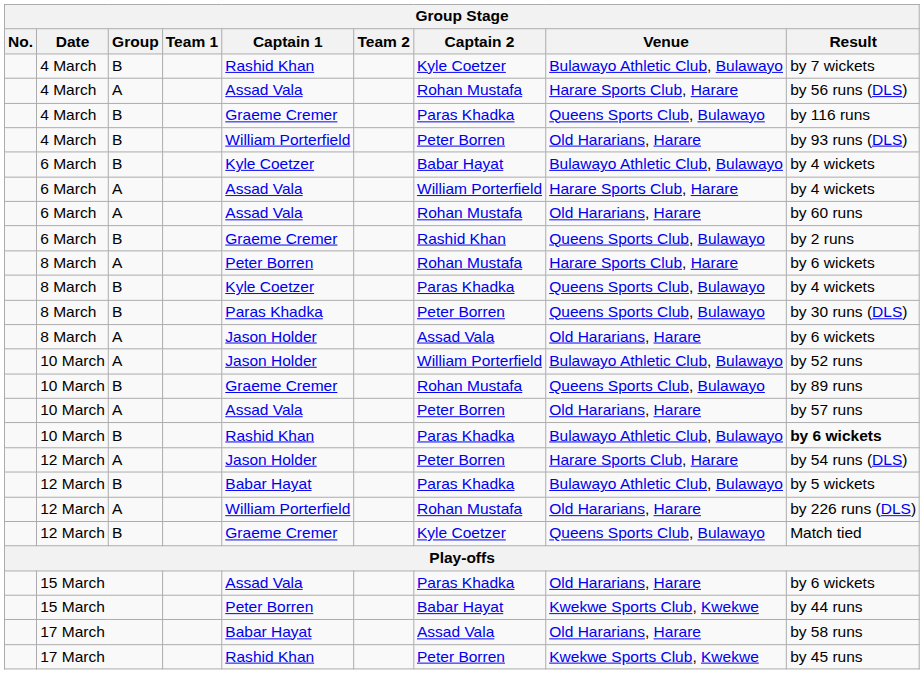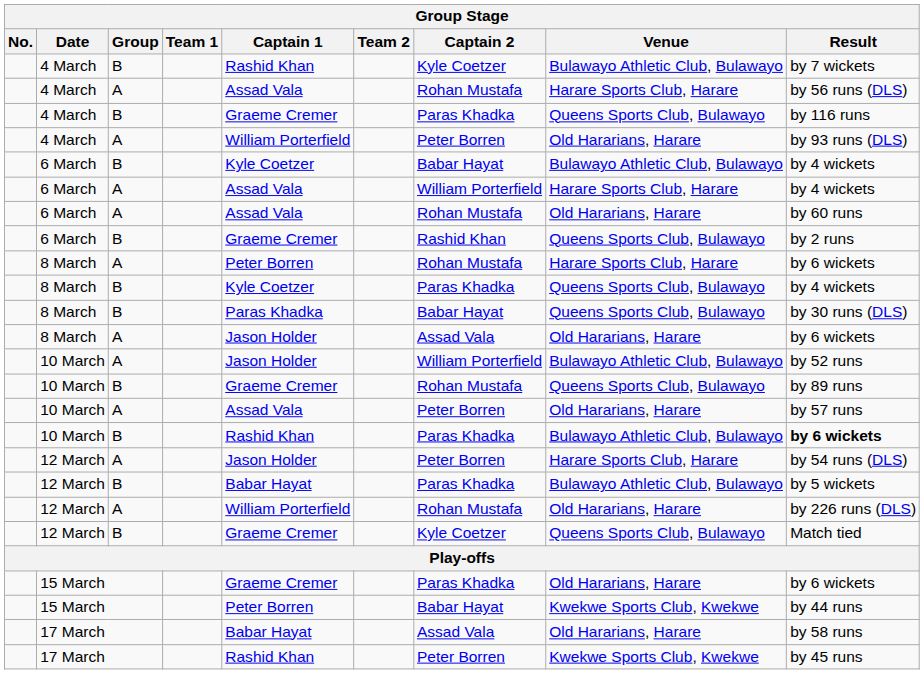 <table class="wikitable">
 <tr>
 <th colspan="9">Group Stage</th>
 </tr>
 <tr>
 <th>No.</th>
 <th>Date</th>
 <th>Group</th>
 <th>Team 1</th>
 <th>Captain 1</th>
 <th>Team 2</th>
 <th>Captain 2</th>
 <th>Venue</th>
 <th>Result</th>
 </tr>
 <tr>
 <td></td>
 <td>4 March</td>
 <td>B</td>
 <td></td>
 <td><a href='#'>Rashid Khan</a></td>
 <td></td>
 <td><a href='#'>Kyle Coetzer</a></td>
 <td><a href='#'>Bulawayo Athletic Club</a>, <a href='#'>Bulawayo</a></td>
 <td> by 7 wickets</td>
 </tr>
 <tr>
 <td></td>
 <td>4 March</td>
 <td>A</td>
 <td></td>
 <td><a href='#'>Assad Vala</a></td>
 <td></td>
 <td><a href='#'>Rohan Mustafa</a></td>
 <td><a href='#'>Harare Sports Club</a>, <a href='#'>Harare</a></td>
 <td> by 56 runs (<a href='#'>DLS</a>)</td>
 </tr>
 <tr>
 <td></td>
 <td>4 March</td>
 <td>B</td>
 <td></td>
 <td><a href='#'>Graeme Cremer</a></td>
 <td></td>
 <td><a href='#'>Paras Khadka</a></td>
 <td><a href='#'>Queens Sports Club</a>, <a href='#'>Bulawayo</a></td>
 <td> by 116 runs</td>
 </tr>
 <tr>
 <td></td>
 <td>4 March</td>
-<td>B</td>
+<td>A</td>
 <td></td>
 <td><a href='#'>William Porterfield</a></td>
 <td></td>
 <td><a href='#'>Peter Borren</a></td>
 <td><a href='#'>Old Hararians</a>, <a href='#'>Harare</a></td>
 <td> by 93 runs (<a href='#'>DLS</a>)</td>
 </tr>
 <tr>
 <td></td>
 <td>6 March</td>
 <td>B</td>
 <td></td>
 <td><a href='#'>Kyle Coetzer</a></td>
 <td></td>
 <td><a href='#'>Babar Hayat</a></td>
 <td><a href='#'>Bulawayo Athletic Club</a>, <a href='#'>Bulawayo</a></td>
 <td> by 4 wickets</td>
 </tr>
 <tr>
 <td></td>
 <td>6 March</td>
 <td>A</td>
 <td></td>
 <td><a href='#'>Assad Vala</a></td>
 <td></td>
 <td><a href='#'>William Porterfield</a></td>
 <td><a href='#'>Harare Sports Club</a>, <a href='#'>Harare</a></td>
 <td> by 4 wickets</td>
 </tr>
 <tr>
 <td></td>
 <td>6 March</td>
 <td>A</td>
 <td></td>
 <td><a href='#'>Assad Vala</a></td>
 <td></td>
 <td><a href='#'>Rohan Mustafa</a></td>
 <td><a href='#'>Old Hararians</a>, <a href='#'>Harare</a></td>
 <td> by 60 runs</td>
 </tr>
 <tr>
 <td></td>
 <td>6 March</td>
 <td>B</td>
 <td></td>
 <td><a href='#'>Graeme Cremer</a></td>
 <td></td>
 <td><a href='#'>Rashid Khan</a></td>
 <td><a href='#'>Queens Sports Club</a>, <a href='#'>Bulawayo</a></td>
 <td> by 2 runs</td>
 </tr>
 <tr>
 <td></td>
 <td>8 March</td>
 <td>A</td>
 <td></td>
 <td><a href='#'>Peter Borren</a></td>
 <td></td>
 <td><a href='#'>Rohan Mustafa</a></td>
 <td><a href='#'>Harare Sports Club</a>, <a href='#'>Harare</a></td>
 <td> by 6 wickets</td>
 </tr>
 <tr>
 <td></td>
 <td>8 March</td>
 <td>B</td>
 <td></td>
 <td><a href='#'>Kyle Coetzer</a></td>
 <td></td>
 <td><a href='#'>Paras Khadka</a></td>
 <td><a href='#'>Queens Sports Club</a>, <a href='#'>Bulawayo</a></td>
 <td> by 4 wickets</td>
 </tr>
 <tr>
 <td></td>
 <td>8 March</td>
 <td>B</td>
 <td></td>
 <td><a href='#'>Paras Khadka</a></td>
 <td></td>
-<td><a href='#'>Peter Borren</a></td>
+<td><a href='#'>Babar Hayat</a></td>
 <td><a href='#'>Queens Sports Club</a>, <a href='#'>Bulawayo</a></td>
 <td> by 30 runs (<a href='#'>DLS</a>)</td>
 </tr>
 <tr>
 <td></td>
 <td>8 March</td>
 <td>A</td>
 <td></td>
 <td><a href='#'>Jason Holder</a></td>
 <td></td>
 <td><a href='#'>Assad Vala</a></td>
 <td><a href='#'>Old Hararians</a>, <a href='#'>Harare</a></td>
 <td> by 6 wickets</td>
 </tr>
 <tr>
 <td></td>
 <td>10 March</td>
 <td>A</td>
 <td></td>
 <td><a href='#'>Jason Holder</a></td>
 <td></td>
 <td><a href='#'>William Porterfield</a></td>
 <td><a href='#'>Bulawayo Athletic Club</a>, <a href='#'>Bulawayo</a></td>
 <td> by 52 runs</td>
 </tr>
 <tr>
 <td></td>
 <td>10 March</td>
 <td>B</td>
 <td></td>
 <td><a href='#'>Graeme Cremer</a></td>
 <td></td>
 <td><a href='#'>Rohan Mustafa</a></td>
 <td><a href='#'>Queens Sports Club</a>, <a href='#'>Bulawayo</a></td>
 <td> by 89 runs</td>
 </tr>
 <tr>
 <td></td>
 <td>10 March</td>
 <td>A</td>
 <td></td>
 <td><a href='#'>Assad Vala</a></td>
 <td></td>
 <td><a href='#'>Peter Borren</a></td>
 <td><a href='#'>Old Hararians</a>, <a href='#'>Harare</a></td>
 <td> by 57 runs</td>
 </tr>
 <tr>
 <td></td>
 <td>10 March</td>
 <td>B</td>
 <td></td>
 <td><a href='#'>Rashid Khan</a></td>
 <td></td>
 <td><a href='#'>Paras Khadka</a></td>
 <td><a href='#'>Bulawayo Athletic Club</a>, <a href='#'>Bulawayo</a></td>
 <td><strong> by 6 wickets</strong></td>
 </tr>
 <tr>
 <td></td>
 <td>12 March</td>
 <td>A</td>
 <td></td>
 <td><a href='#'>Jason Holder</a></td>
 <td></td>
 <td><a href='#'>Peter Borren</a></td>
 <td><a href='#'>Harare Sports Club</a>, <a href='#'>Harare</a></td>
 <td> by 54 runs (<a href='#'>DLS</a>)</td>
 </tr>
 <tr>
 <td></td>
 <td>12 March</td>
 <td>B</td>
 <td></td>
 <td><a href='#'>Babar Hayat</a></td>
 <td></td>
 <td><a href='#'>Paras Khadka</a></td>
 <td><a href='#'>Bulawayo Athletic Club</a>, <a href='#'>Bulawayo</a></td>
 <td> by 5 wickets</td>
 </tr>
 <tr>
 <td></td>
 <td>12 March</td>
 <td>A</td>
 <td></td>
 <td><a href='#'>William Porterfield</a></td>
 <td></td>
 <td><a href='#'>Rohan Mustafa</a></td>
 <td><a href='#'>Old Hararians</a>, <a href='#'>Harare</a></td>
 <td> by 226 runs (<a href='#'>DLS</a>)</td>
 </tr>
 <tr>
 <td></td>
 <td>12 March</td>
 <td>B</td>
 <td></td>
 <td><a href='#'>Graeme Cremer</a></td>
 <td></td>
 <td><a href='#'>Kyle Coetzer</a></td>
 <td><a href='#'>Queens Sports Club</a>, <a href='#'>Bulawayo</a></td>
 <td>Match tied</td>
 </tr>
 <tr>
 <th colspan="9">Play-offs</th>
 </tr>
 <tr>
 <td></td>
 <td colspan=2>15 March</td>
 <td></td>
-<td><a href='#'>Assad Vala</a></td>
+<td><a href='#'>Graeme Cremer</a></td>
 <td></td>
 <td><a href='#'>Paras Khadka</a></td>
 <td><a href='#'>Old Hararians</a>, <a href='#'>Harare</a></td>
 <td> by 6 wickets</td>
 </tr>
 <tr>
 <td></td>
 <td colspan=2>15 March</td>
 <td></td>
 <td><a href='#'>Peter Borren</a></td>
 <td></td>
 <td><a href='#'>Babar Hayat</a></td>
 <td><a href='#'>Kwekwe Sports Club</a>, <a href='#'>Kwekwe</a></td>
 <td> by 44 runs</td>
 </tr>
 <tr>
 <td></td>
 <td colspan=2>17 March</td>
 <td></td>
 <td><a href='#'>Babar Hayat</a></td>
 <td></td>
 <td><a href='#'>Assad Vala</a></td>
 <td><a href='#'>Old Hararians</a>, <a href='#'>Harare</a></td>
 <td> by 58 runs</td>
 </tr>
 <tr>
 <td></td>
 <td colspan=2>17 March</td>
 <td></td>
 <td><a href='#'>Rashid Khan</a></td>
 <td></td>
 <td><a href='#'>Peter Borren</a></td>
 <td><a href='#'>Kwekwe Sports Club</a>, <a href='#'>Kwekwe</a></td>
 <td> by 45 runs</td>
 </tr>
 </table>
